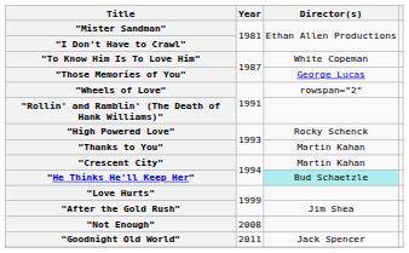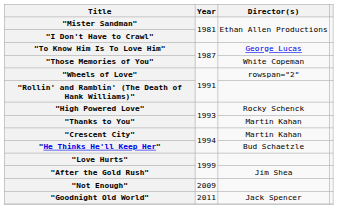 <table class="wikitable plainrowheaders" style="text-align:center;" border="1">
 <tr>
 <th scope="col" style="width:24em;">Title</th>
 <th scope="col">Year</th>
 <th scope="col">Director(s)</th>
 <th></th>
 </tr>
 <tr>
 <th scope="row">"Mister Sandman"</th>
 <td rowspan="2">1981</td>
 <td rowspan="2">Ethan Allen Productions</td>
 <td align="center" rowspan="2"></td>
 </tr>
 <tr>
 <th scope="row">"I Don't Have to Crawl"</th>
 </tr>
 <tr>
 <th scope="row">"To Know Him Is To Love Him"<br></th>
 <td rowspan="2">1987</td>
-<td>White Copeman</td>
+<td><a href='#'>George Lucas</a></td>
 <td align="center"></td>
 </tr>
 <tr>
 <th scope="row">"Those Memories of You"<br></th>
-<td><a href='#'>George Lucas</a></td>
+<td>White Copeman</td>
 <td></td>
 </tr>
 <tr>
 <th scope="row">"Wheels of Love"</th>
 <td rowspan="2">1991</td>
 <td>rowspan="2" </td>
 <td align="center"></td>
 </tr>
 <tr>
 <th scope="row">"Rollin' and Ramblin' (The Death of Hank Williams)"</th>
 <td align="center"></td>
 </tr>
 <tr>
 <th scope="row">"High Powered Love"</th>
 <td rowspan="2">1993</td>
 <td>Rocky Schenck</td>
 <td align="center"></td>
 </tr>
 <tr>
 <th scope="row">"Thanks to You"</th>
 <td>Martin Kahan</td>
 <td align="center"></td>
 </tr>
 <tr>
 <th scope="row">"Crescent City"</th>
 <td rowspan="2">1994</td>
 <td>Martin Kahan</td>
 <td align="center"></td>
 </tr>
 <tr>
 <th scope="row">"<a href='#'>He Thinks He'll Keep Her</a>"<br></th>
-<td style="background: paleturquoise;">Bud Schaetzle</td>
+<td>Bud Schaetzle</td>
 <td align="center"></td>
 </tr>
 <tr>
 <th scope="row">"Love Hurts"</th>
 <td rowspan="2">1999</td>
 <td></td>
 <td align="center"></td>
 </tr>
 <tr>
 <th scope="row">"After the Gold Rush"<br></th>
 <td>Jim Shea</td>
 <td align="center"></td>
 </tr>
 <tr>
 <th scope="row">"Not Enough"</th>
-<td>2008</td>
+<td>2009</td>
 <td></td>
 <td align="center"></td>
 </tr>
 <tr>
 <th scope="row">"Goodnight Old World"</th>
 <td>2011</td>
 <td>Jack Spencer</td>
 <td align="center"></td>
 </tr>
 <tr>
 </tr>
 </table>
